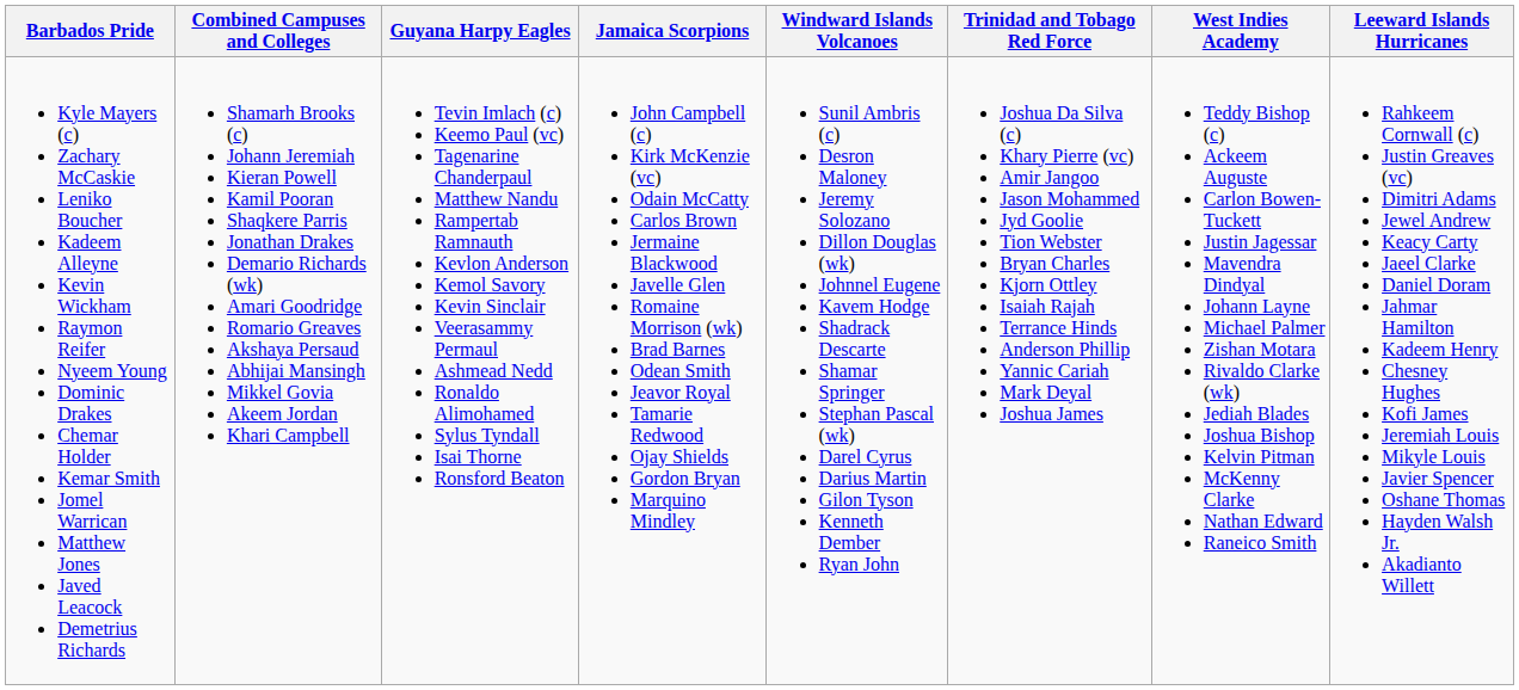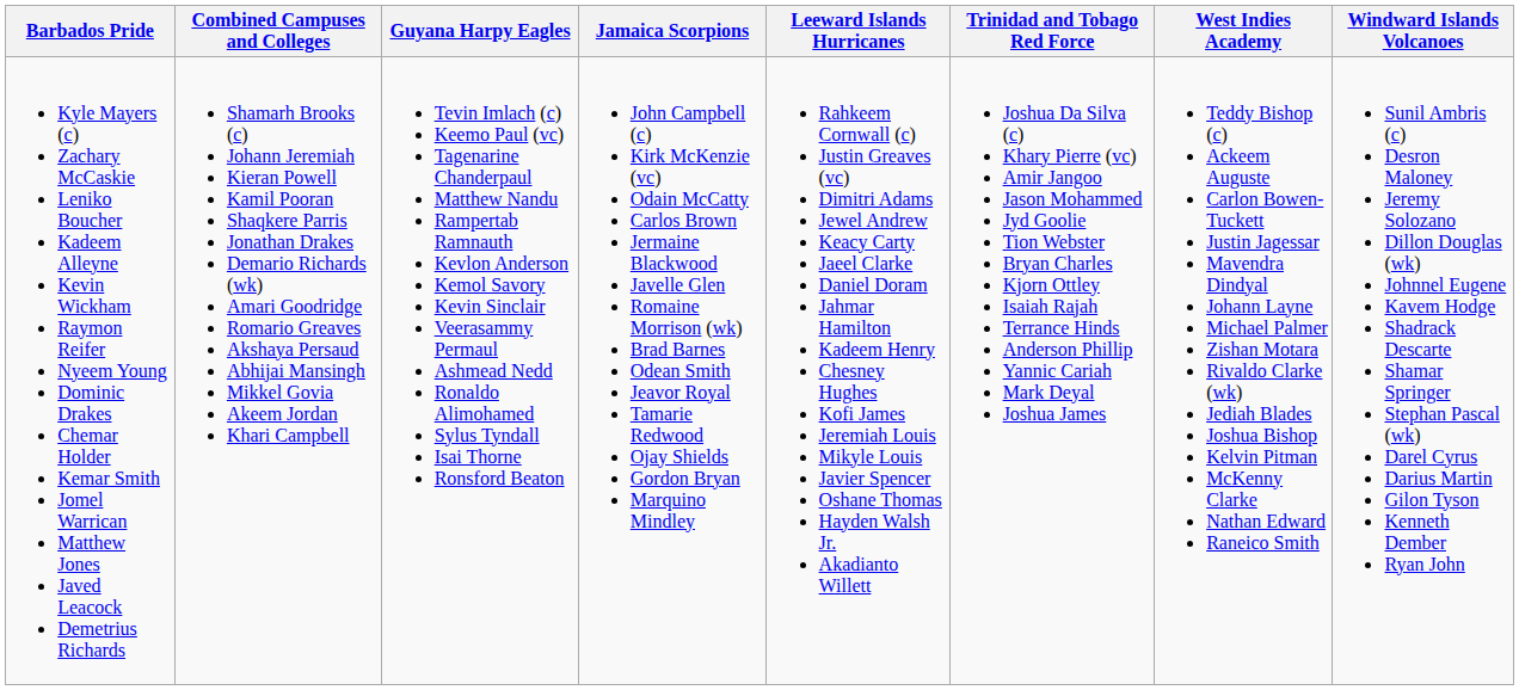 <table class="wikitable" style="text-align:left; margin:auto">
 <tr>
 <th><a href='#'>Barbados Pride</a></th>
 <th><a href='#'>Combined Campuses and Colleges</a></th>
 <th><a href='#'>Guyana Harpy Eagles</a></th>
 <th><a href='#'>Jamaica Scorpions</a></th>
-<th><a href='#'>Windward Islands Volcanoes</a></th>
+<th><a href='#'>Leeward Islands Hurricanes</a></th>
 <th><a href='#'>Trinidad and Tobago Red Force</a></th>
 <th><a href='#'>West Indies Academy</a></th>
-<th><a href='#'>Leeward Islands Hurricanes</a></th>
+<th><a href='#'>Windward Islands Volcanoes</a></th>
 </tr>
 <tr>
 <td valign=top><br><ul><li><a href='#'>Kyle Mayers</a> (<a href='#'>c</a>)</li><li><a href='#'>Zachary McCaskie</a></li><li><a href='#'>Leniko Boucher</a></li><li><a href='#'>Kadeem Alleyne</a></li><li><a href='#'>Kevin Wickham</a></li><li><a href='#'>Raymon Reifer</a></li><li><a href='#'>Nyeem Young</a></li><li><a href='#'>Dominic Drakes</a></li><li><a href='#'>Chemar Holder</a></li><li><a href='#'>Kemar Smith</a></li><li><a href='#'>Jomel Warrican</a></li><li><a href='#'>Matthew Jones</a></li><li><a href='#'>Javed Leacock</a></li><li><a href='#'>Demetrius Richards</a></li></ul></td>
 <td valign=top><br><ul><li><a href='#'>Shamarh Brooks</a> (<a href='#'>c</a>)</li><li><a href='#'>Johann Jeremiah</a></li><li><a href='#'>Kieran Powell</a></li><li><a href='#'>Kamil Pooran</a></li><li><a href='#'>Shaqkere Parris</a></li><li><a href='#'>Jonathan Drakes</a></li><li><a href='#'>Demario Richards</a> (<a href='#'>wk</a>)</li><li><a href='#'>Amari Goodridge</a></li><li><a href='#'>Romario Greaves</a></li><li><a href='#'>Akshaya Persaud</a></li><li><a href='#'>Abhijai Mansingh</a></li><li><a href='#'>Mikkel Govia</a></li><li><a href='#'>Akeem Jordan</a></li><li><a href='#'>Khari Campbell</a></li></ul></td>
 <td valign=top><br><ul><li><a href='#'>Tevin Imlach</a> (<a href='#'>c</a>)</li><li><a href='#'>Keemo Paul</a> (<a href='#'>vc</a>)</li><li><a href='#'>Tagenarine Chanderpaul</a></li><li><a href='#'>Matthew Nandu</a></li><li><a href='#'>Rampertab Ramnauth</a></li><li><a href='#'>Kevlon Anderson</a></li><li><a href='#'>Kemol Savory</a></li><li><a href='#'>Kevin Sinclair</a></li><li><a href='#'>Veerasammy Permaul</a></li><li><a href='#'>Ashmead Nedd</a></li><li><a href='#'>Ronaldo Alimohamed</a></li><li><a href='#'>Sylus Tyndall</a></li><li><a href='#'>Isai Thorne</a></li><li><a href='#'>Ronsford Beaton</a></li></ul></td>
 <td valign=top><br><ul><li><a href='#'>John Campbell</a> (<a href='#'>c</a>)</li><li><a href='#'>Kirk McKenzie</a> (<a href='#'>vc</a>)</li><li><a href='#'>Odain McCatty</a></li><li><a href='#'>Carlos Brown</a></li><li><a href='#'>Jermaine Blackwood</a></li><li><a href='#'>Javelle Glen</a></li><li><a href='#'>Romaine Morrison</a> (<a href='#'>wk</a>)</li><li><a href='#'>Brad Barnes</a></li><li><a href='#'>Odean Smith</a></li><li><a href='#'>Jeavor Royal</a></li><li><a href='#'>Tamarie Redwood</a></li><li><a href='#'>Ojay Shields</a></li><li><a href='#'>Gordon Bryan</a></li><li><a href='#'>Marquino Mindley</a></li></ul></td>
-<td valign=top><br><ul><li><a href='#'>Sunil Ambris</a> (<a href='#'>c</a>)</li><li><a href='#'>Desron Maloney</a></li><li><a href='#'>Jeremy Solozano</a></li><li><a href='#'>Dillon Douglas</a> (<a href='#'>wk</a>)</li><li><a href='#'>Johnnel Eugene</a></li><li><a href='#'>Kavem Hodge</a></li><li><a href='#'>Shadrack Descarte</a></li><li><a href='#'>Shamar Springer</a></li><li><a href='#'>Stephan Pascal</a> (<a href='#'>wk</a>)</li><li><a href='#'>Darel Cyrus</a></li><li><a href='#'>Darius Martin</a></li><li><a href='#'>Gilon Tyson</a></li><li><a href='#'>Kenneth Dember</a></li><li><a href='#'>Ryan John</a></li></ul></td>
+<td valign=top><br><ul><li><a href='#'>Rahkeem Cornwall</a> (<a href='#'>c</a>)</li><li><a href='#'>Justin Greaves</a> (<a href='#'>vc</a>)</li><li><a href='#'>Dimitri Adams</a></li><li><a href='#'>Jewel Andrew</a></li><li><a href='#'>Keacy Carty</a></li><li><a href='#'>Jaeel Clarke</a></li><li><a href='#'>Daniel Doram</a></li><li><a href='#'>Jahmar Hamilton</a></li><li><a href='#'>Kadeem Henry</a></li><li><a href='#'>Chesney Hughes</a></li><li><a href='#'>Kofi James</a></li><li><a href='#'>Jeremiah Louis</a></li><li><a href='#'>Mikyle Louis</a></li><li><a href='#'>Javier Spencer</a></li><li><a href='#'>Oshane Thomas</a></li><li><a href='#'>Hayden Walsh Jr.</a></li><li><a href='#'>Akadianto Willett</a></li></ul></td>
 <td valign=top><br><ul><li><a href='#'>Joshua Da Silva</a> (<a href='#'>c</a>)</li><li><a href='#'>Khary Pierre</a> (<a href='#'>vc</a>)</li><li><a href='#'>Amir Jangoo</a></li><li><a href='#'>Jason Mohammed</a></li><li><a href='#'>Jyd Goolie</a></li><li><a href='#'>Tion Webster</a></li><li><a href='#'>Bryan Charles</a></li><li><a href='#'>Kjorn Ottley</a></li><li><a href='#'>Isaiah Rajah</a></li><li><a href='#'>Terrance Hinds</a></li><li><a href='#'>Anderson Phillip</a></li><li><a href='#'>Yannic Cariah</a></li><li><a href='#'>Mark Deyal</a></li><li><a href='#'>Joshua James</a></li></ul></td>
 <td valign=top><br><ul><li><a href='#'>Teddy Bishop</a> (<a href='#'>c</a>)</li><li><a href='#'>Ackeem Auguste</a></li><li><a href='#'>Carlon Bowen-Tuckett</a></li><li><a href='#'>Justin Jagessar</a></li><li><a href='#'>Mavendra Dindyal</a></li><li><a href='#'>Johann Layne</a></li><li><a href='#'>Michael Palmer</a></li><li><a href='#'>Zishan Motara</a></li><li><a href='#'>Rivaldo Clarke</a> (<a href='#'>wk</a>)</li><li><a href='#'>Jediah Blades</a></li><li><a href='#'>Joshua Bishop</a></li><li><a href='#'>Kelvin Pitman</a></li><li><a href='#'>McKenny Clarke</a></li><li><a href='#'>Nathan Edward</a></li><li><a href='#'>Raneico Smith</a></li></ul></td>
-<td valign=top><br><ul><li><a href='#'>Rahkeem Cornwall</a> (<a href='#'>c</a>)</li><li><a href='#'>Justin Greaves</a> (<a href='#'>vc</a>)</li><li><a href='#'>Dimitri Adams</a></li><li><a href='#'>Jewel Andrew</a></li><li><a href='#'>Keacy Carty</a></li><li><a href='#'>Jaeel Clarke</a></li><li><a href='#'>Daniel Doram</a></li><li><a href='#'>Jahmar Hamilton</a></li><li><a href='#'>Kadeem Henry</a></li><li><a href='#'>Chesney Hughes</a></li><li><a href='#'>Kofi James</a></li><li><a href='#'>Jeremiah Louis</a></li><li><a href='#'>Mikyle Louis</a></li><li><a href='#'>Javier Spencer</a></li><li><a href='#'>Oshane Thomas</a></li><li><a href='#'>Hayden Walsh Jr.</a></li><li><a href='#'>Akadianto Willett</a></li></ul></td>
+<td valign=top><br><ul><li><a href='#'>Sunil Ambris</a> (<a href='#'>c</a>)</li><li><a href='#'>Desron Maloney</a></li><li><a href='#'>Jeremy Solozano</a></li><li><a href='#'>Dillon Douglas</a> (<a href='#'>wk</a>)</li><li><a href='#'>Johnnel Eugene</a></li><li><a href='#'>Kavem Hodge</a></li><li><a href='#'>Shadrack Descarte</a></li><li><a href='#'>Shamar Springer</a></li><li><a href='#'>Stephan Pascal</a> (<a href='#'>wk</a>)</li><li><a href='#'>Darel Cyrus</a></li><li><a href='#'>Darius Martin</a></li><li><a href='#'>Gilon Tyson</a></li><li><a href='#'>Kenneth Dember</a></li><li><a href='#'>Ryan John</a></li></ul></td>
 </tr>
 </table>
